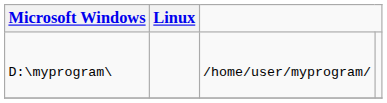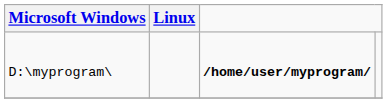 <table class="wikitable" style="font-size:90%">
 <tr>
 <th><a href='#'>Microsoft Windows</a></th>
 <th><a href='#'>Linux</a></th>
 </tr>
 <tr>
 <td><pre><br>D:\myprogram\</td>
 <td><br></pre></td>
-<td><pre><br>/home/user/myprogram/</td>
+<td><strong><pre><br>/home/user/myprogram/</strong></td>
 <td><br></pre></td>
 </tr>
 <tr>
 </tr>
 </table>
